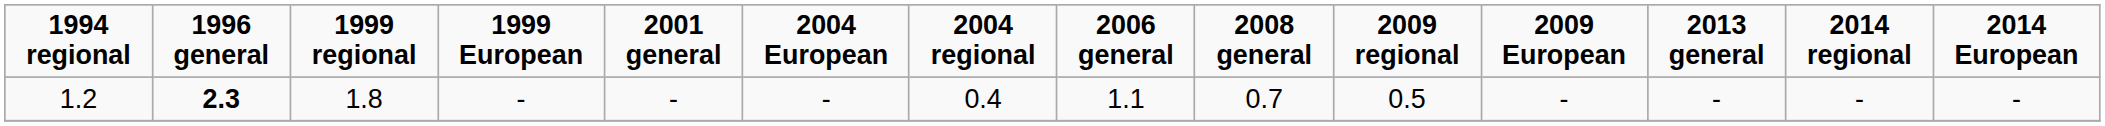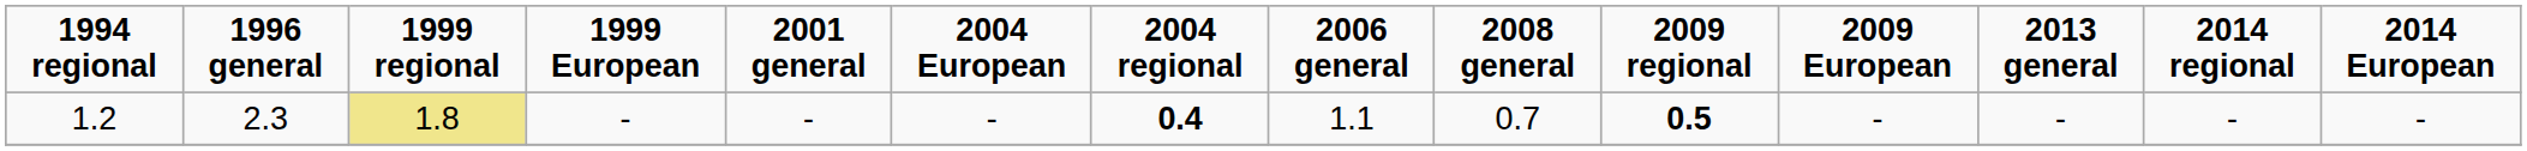 <table class="wikitable" style="text-align:center">
 <tr>
 <td><strong>1994 regional</strong></td>
 <td><strong>1996 general</strong></td>
 <td><strong>1999 regional</strong></td>
 <td><strong>1999 European</strong></td>
 <td><strong>2001 general</strong></td>
 <td><strong>2004 European</strong></td>
 <td><strong>2004 regional</strong></td>
 <td><strong>2006 general</strong></td>
 <td><strong>2008 general</strong></td>
 <td><strong>2009 regional</strong></td>
 <td><strong>2009 European</strong></td>
 <td><strong>2013 general</strong></td>
 <td><strong>2014 regional</strong></td>
 <td><strong>2014 European</strong></td>
 </tr>
 <tr>
 <td>1.2</td>
-<td><strong>2.3</strong></td>
-<td>1.8</td>
+<td>2.3</td>
+<td style="background: khaki;">1.8</td>
 <td>-</td>
 <td>-</td>
 <td>-</td>
-<td>0.4</td>
+<td><strong>0.4</strong></td>
 <td>1.1</td>
 <td>0.7</td>
-<td>0.5</td>
+<td><strong>0.5</strong></td>
 <td>-</td>
 <td>-</td>
 <td>-</td>
 <td>-</td>
 </tr>
 <tr>
 </tr>
 </table>
